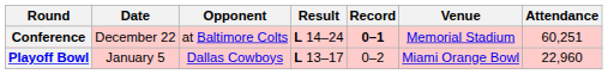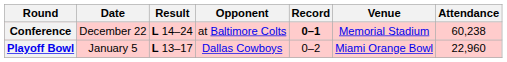 <table class="wikitable" style="text-align:center">
 <tr>
 <th>Round</th>
 <th>Date</th>
+<th>Result</th>
 <th>Opponent</th>
-<th>Result</th>
 <th>Record</th>
 <th>Venue</th>
 <th>Attendance</th>
 </tr>
 <tr style="background:#fcc">
 <th>Conference</th>
 <td>December 22</td>
+<td><strong>L</strong> 14–24</td>
 <td>at <a href='#'>Baltimore Colts</a></td>
-<td><strong>L</strong> 14–24</td>
 <td><strong>0–1</strong></td>
 <td><a href='#'>Memorial Stadium</a></td>
-<td>60,251</td>
+<td>60,238</td>
 </tr>
 <tr style="background:#fcc">
 <th><a href='#'>Playoff Bowl</a></th>
 <td>January 5</td>
+<td><strong>L</strong> 13–17</td>
 <td><a href='#'>Dallas Cowboys</a></td>
-<td><strong>L</strong> 13–17</td>
 <td>0–2</td>
 <td><a href='#'>Miami Orange Bowl</a></td>
 <td>22,960</td>
 </tr>
 </table>
